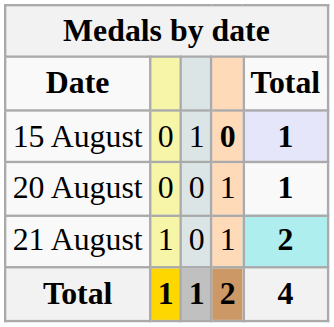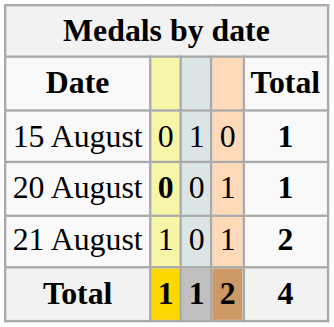 <table class="wikitable" style="font-size:85%">
 <tr bgcolor="#efefef">
 <th colspan=6>Medals by date</th>
 </tr>
 <tr align=center>
 <td><strong>Date</strong></td>
 <td bgcolor=#f7f6a8></td>
 <td bgcolor=#dce5e5></td>
 <td bgcolor=#ffdab9></td>
 <td><strong>Total</strong></td>
 </tr>
 <tr align=center>
 <td>15 August</td>
 <td style="background:#F7F6A8;">0</td>
 <td style="background:#DCE5E5;">1</td>
-<td style="background:#FFDAB9;"><strong>0</strong></td>
-<td style="background: lavender;"><strong>1</strong></td>
+<td style="background:#FFDAB9;">0</td>
+<td><strong>1</strong></td>
 </tr>
 <tr align=center>
 <td>20 August</td>
-<td style="background:#F7F6A8;">0</td>
+<td style="background:#F7F6A8;"><strong>0</strong></td>
 <td style="background:#DCE5E5;">0</td>
 <td style="background:#FFDAB9;">1</td>
 <td><strong>1</strong></td>
 </tr>
 <tr align=center>
 <td>21 August</td>
 <td style="background:#F7F6A8;">1</td>
 <td style="background:#DCE5E5;">0</td>
 <td style="background:#FFDAB9;">1</td>
-<td style="background: paleturquoise;"><strong>2</strong></td>
+<td><strong>2</strong></td>
 </tr>
 <tr align=center>
 <th><strong>Total</strong></th>
 <th style="background:gold;"><strong>1</strong></th>
 <th style="background:silver;"><strong>1</strong></th>
 <th style="background:#c96;"><strong>2</strong></th>
 <th>4</th>
 </tr>
 </table>
